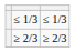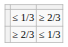 <table class="wikitable" style="float:right; clear:right; text-align:center; margin-left:1em;">
 <tr>
 <th></th>
 <th></th>
 <th></th>
 </tr>
 <tr>
 <th></th>
 <td>≤ 1/3</td>
-<td>≤ 1/3</td>
+<td>≥ 2/3</td>
 </tr>
 <tr>
 <th></th>
 <td>≥ 2/3</td>
-<td>≥ 2/3</td>
+<td>≤ 1/3</td>
 </tr>
 </table>
